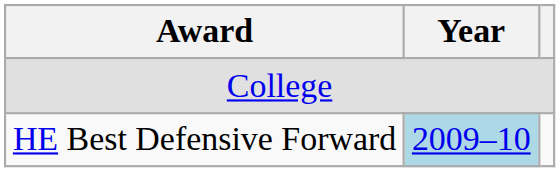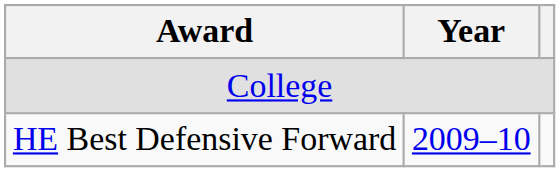 <table class="wikitable">
 <tr>
 <th>Award</th>
 <th>Year</th>
 <th></th>
 </tr>
 <tr ALIGN="center" bgcolor="#e0e0e0">
 <td colspan="3"><a href='#'>College</a></td>
 </tr>
 <tr>
 <td><a href='#'>HE</a> Best Defensive Forward</td>
-<td style="background: lightblue;"><a href='#'>2009–10</a></td>
+<td><a href='#'>2009–10</a></td>
 <td></td>
 </tr>
 </table>
